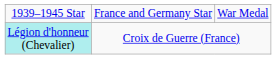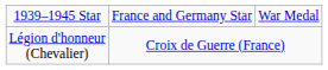 <table class="wikitable" style="margin:1em auto; text-align:center;">
 <tr>
 <td><a href='#'>1939–1945 Star</a></td>
 <td><a href='#'>France and Germany Star</a></td>
 <td><a href='#'>War Medal</a></td>
 </tr>
 <tr>
-<td style="background: paleturquoise;"><a href='#'>Légion d'honneur</a><br>(Chevalier)</td>
+<td><a href='#'>Légion d'honneur</a><br>(Chevalier)</td>
 <td colspan=2><a href='#'>Croix de Guerre (France)</a></td>
 </tr>
 </table>
